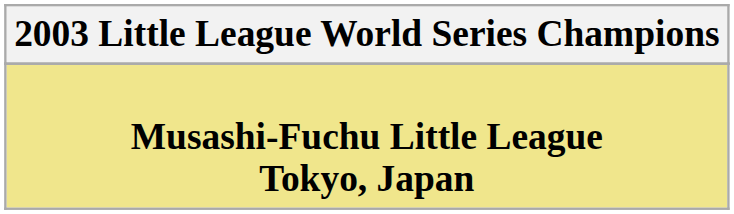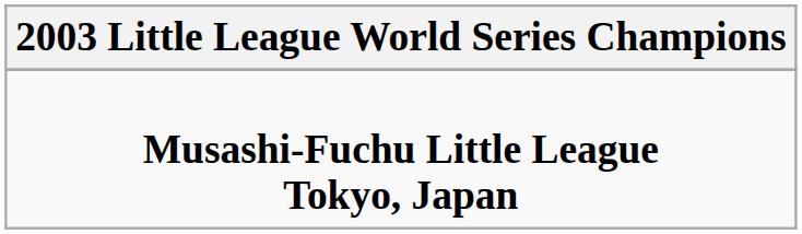 <table class="wikitable" style="text-align: center; margin: 0 auto;">
 <tr>
 <th>2003 Little League World Series Champions</th>
 </tr>
 <tr>
 </tr>
 <tr>
-<td style="background: khaki;"><br><strong>Musashi-Fuchu Little League</strong><br><strong>Tokyo, Japan</strong></td>
+<td><br><strong>Musashi-Fuchu Little League</strong><br><strong>Tokyo, Japan</strong></td>
 </tr>
 </table>
